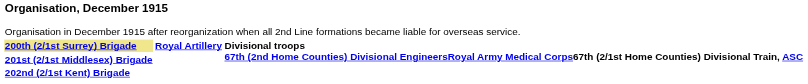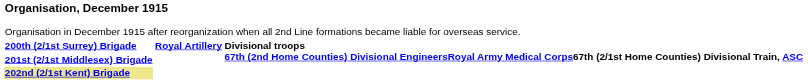 <table>
 <tr>
 <td colspan="3"><br><h3>Organisation, December 1915</h3>Organisation in December 1915 after reorganization when all 2nd Line formations became liable for overseas service.</td>
 </tr>
 <tr valign="top">
-<td style="background: khaki;"><strong><a href='#'>200th (2/1st Surrey) Brigade</a></strong><br></td>
+<td><strong><a href='#'>200th (2/1st Surrey) Brigade</a></strong><br></td>
 <td rowspan=3><strong><a href='#'>Royal Artillery</a></strong><br></td>
 <td rowspan=3><strong>Divisional troops</strong><br><strong><a href='#'>67th (2nd Home Counties) Divisional Engineers</a></strong><strong><a href='#'>Royal Army Medical Corps</a></strong><strong>67th (2/1st Home Counties) Divisional Train, <a href='#'>ASC</a></strong></td>
 </tr>
 <tr valign="top">
 <td><strong><a href='#'>201st (2/1st Middlesex) Brigade</a></strong><br></td>
 </tr>
 <tr valign="top">
-<td><strong><a href='#'>202nd (2/1st Kent) Brigade</a></strong><br></td>
+<td style="background: khaki;"><strong><a href='#'>202nd (2/1st Kent) Brigade</a></strong><br></td>
 </tr>
 </table>
